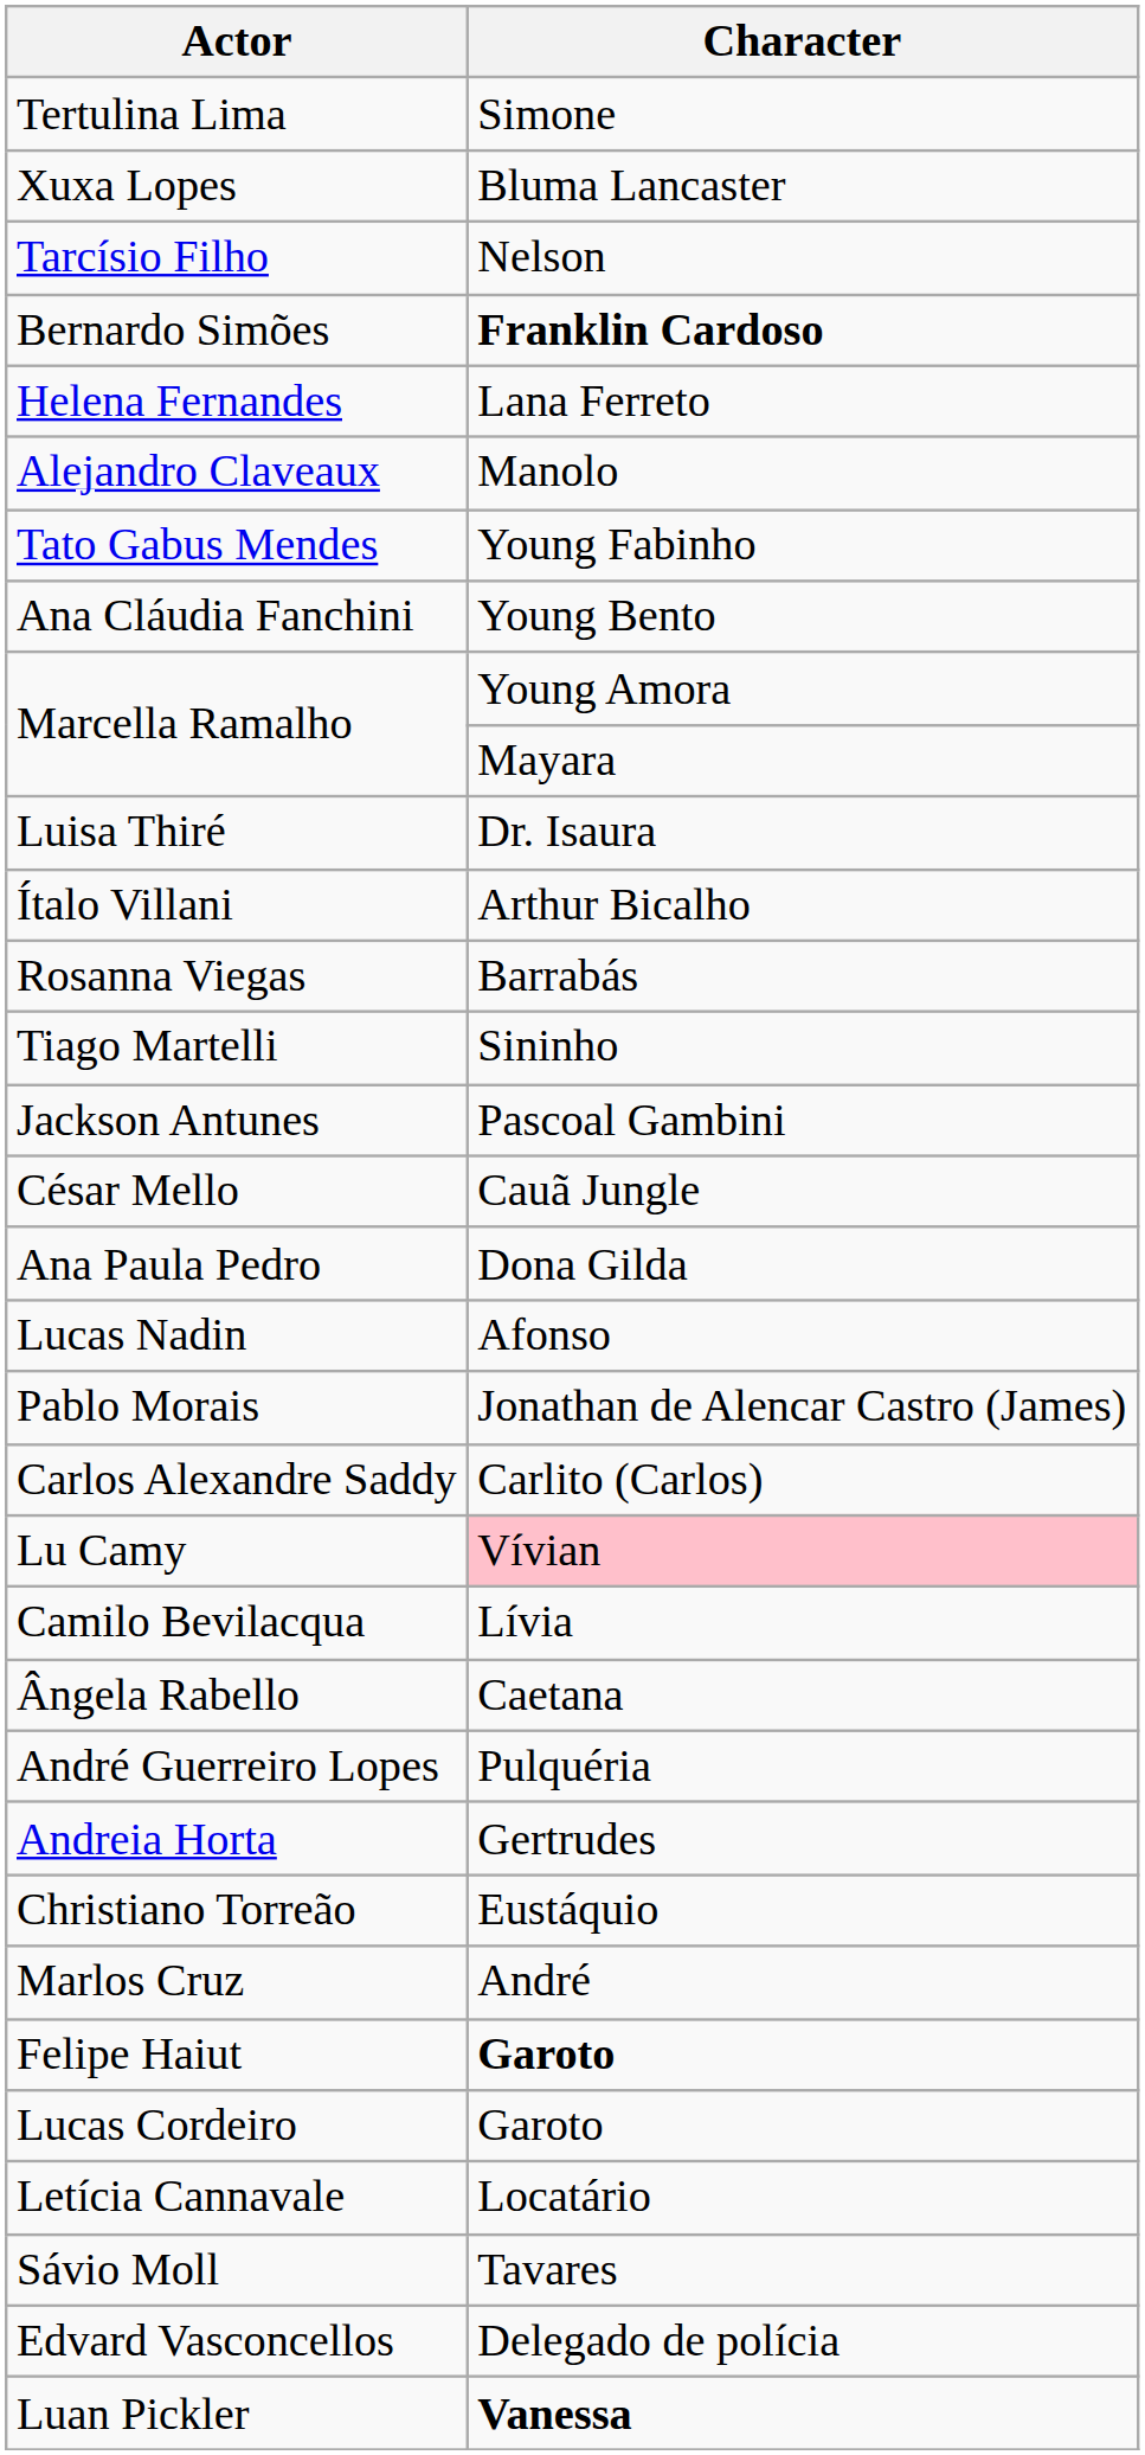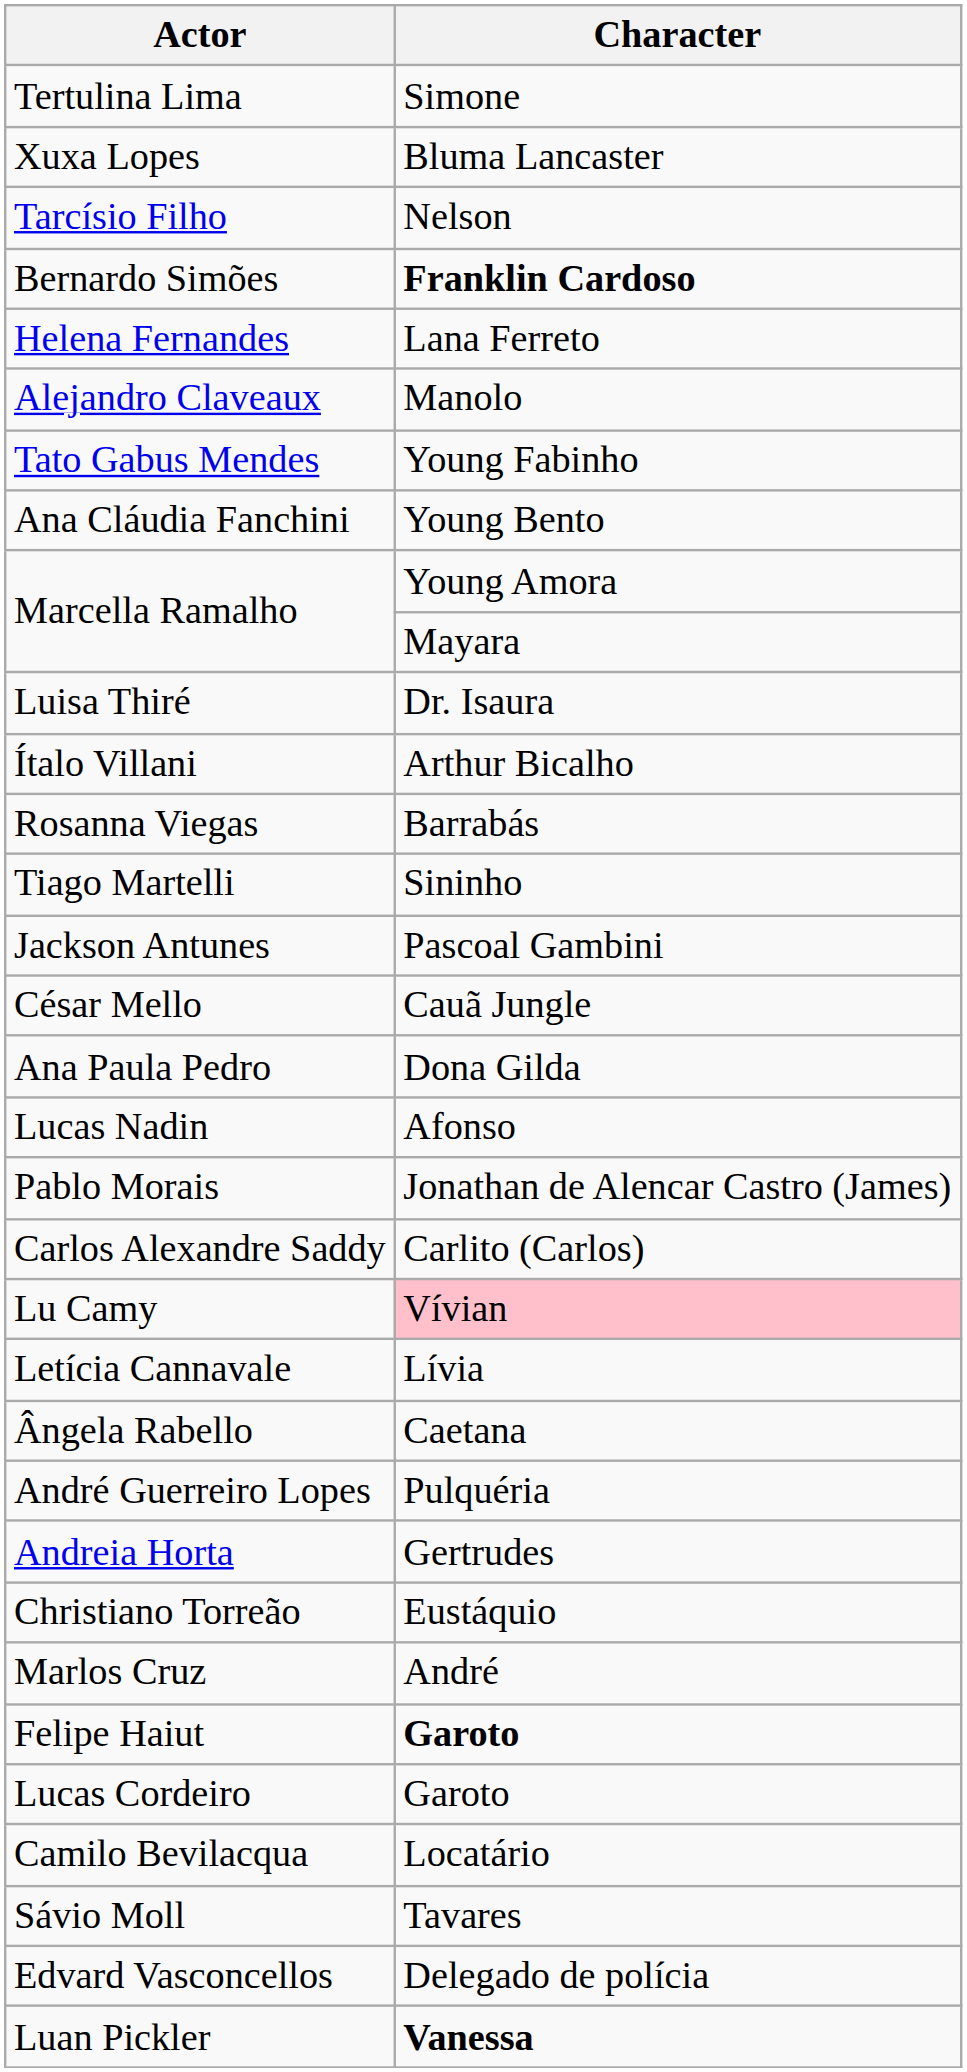 <table class="wikitable sortable">
 <tr>
 <th>Actor</th>
 <th>Character</th>
 </tr>
 <tr>
 <td>Tertulina Lima</td>
 <td>Simone</td>
 </tr>
 <tr>
 <td>Xuxa Lopes</td>
 <td>Bluma Lancaster</td>
 </tr>
 <tr>
 <td><a href='#'>Tarcísio Filho</a></td>
 <td>Nelson</td>
 </tr>
 <tr>
 <td>Bernardo Simões</td>
 <td><strong>Franklin Cardoso</strong></td>
 </tr>
 <tr>
 <td><a href='#'>Helena Fernandes</a></td>
 <td>Lana Ferreto</td>
 </tr>
 <tr>
 <td><a href='#'>Alejandro Claveaux</a></td>
 <td>Manolo</td>
 </tr>
 <tr>
 <td><a href='#'>Tato Gabus Mendes</a></td>
 <td>Young Fabinho</td>
 </tr>
 <tr>
 <td>Ana Cláudia Fanchini</td>
 <td>Young Bento</td>
 </tr>
 <tr>
 <td rowspan="2">Marcella Ramalho</td>
 <td>Young Amora</td>
 </tr>
 <tr>
 <td>Mayara</td>
 </tr>
 <tr>
 <td>Luisa Thiré</td>
 <td>Dr. Isaura</td>
 </tr>
 <tr>
 <td>Ítalo Villani</td>
 <td>Arthur Bicalho</td>
 </tr>
 <tr>
 <td>Rosanna Viegas</td>
 <td>Barrabás</td>
 </tr>
 <tr>
 <td>Tiago Martelli</td>
 <td>Sininho</td>
 </tr>
 <tr>
 <td>Jackson Antunes</td>
 <td>Pascoal Gambini</td>
 </tr>
 <tr>
 <td>César Mello</td>
 <td>Cauã Jungle</td>
 </tr>
 <tr>
 <td>Ana Paula Pedro</td>
 <td>Dona Gilda</td>
 </tr>
 <tr>
 <td>Lucas Nadin</td>
 <td>Afonso</td>
 </tr>
 <tr>
 <td>Pablo Morais</td>
 <td>Jonathan de Alencar Castro (James)</td>
 </tr>
 <tr>
 <td>Carlos Alexandre Saddy</td>
 <td>Carlito (Carlos)</td>
 </tr>
 <tr>
 <td>Lu Camy</td>
 <td style="background: pink;">Vívian</td>
 </tr>
 <tr>
-<td>Camilo Bevilacqua</td>
+<td>Letícia Cannavale</td>
 <td>Lívia</td>
 </tr>
 <tr>
 <td>Ângela Rabello</td>
 <td>Caetana</td>
 </tr>
 <tr>
 <td>André Guerreiro Lopes</td>
 <td>Pulquéria</td>
 </tr>
 <tr>
 <td><a href='#'>Andreia Horta</a></td>
 <td>Gertrudes</td>
 </tr>
 <tr>
 <td>Christiano Torreão</td>
 <td>Eustáquio</td>
 </tr>
 <tr>
 <td>Marlos Cruz</td>
 <td>André</td>
 </tr>
 <tr>
 <td>Felipe Haiut</td>
 <td><strong>Garoto</strong></td>
 </tr>
 <tr>
 <td>Lucas Cordeiro</td>
 <td>Garoto</td>
 </tr>
 <tr>
-<td>Letícia Cannavale</td>
+<td>Camilo Bevilacqua</td>
 <td>Locatário</td>
 </tr>
 <tr>
 <td>Sávio Moll</td>
 <td>Tavares</td>
 </tr>
 <tr>
 <td>Edvard Vasconcellos</td>
 <td>Delegado de polícia</td>
 </tr>
 <tr>
 <td>Luan Pickler</td>
 <td><strong>Vanessa</strong></td>
 </tr>
 <tr>
 </tr>
 </table>
